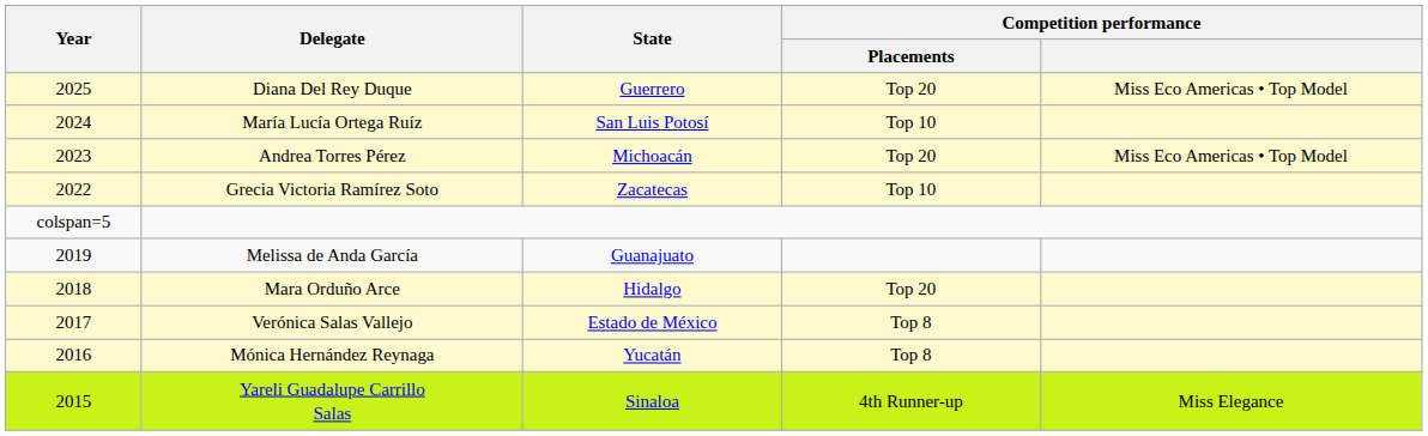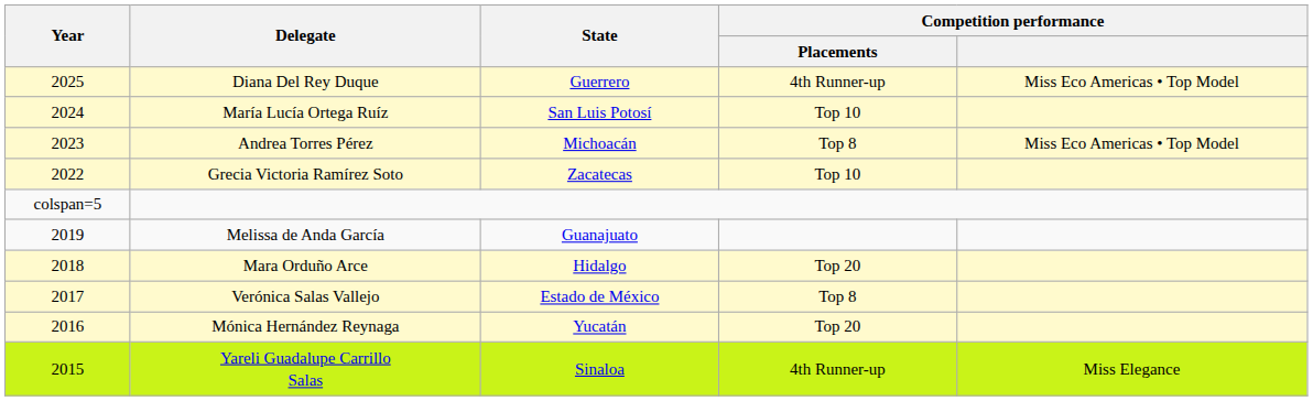 <table class="wikitable" style="text-align:center; line-height:20px; font-size:90%; width:90%;">
 <tr>
 <th rowspan="2"  width=60px>Year</th>
 <th rowspan="2"  width=180px>Delegate</th>
 <th rowspan="2"  width=120px>State</th>
 <th colspan="2"  width=200px>Competition performance</th>
 </tr>
 <tr>
 <th width=120px>Placements</th>
 <th width=180px></th>
 </tr>
 <tr style="background:#FFFACD">
 <td>2025</td>
 <td>Diana Del Rey Duque</td>
 <td><a href='#'>Guerrero</a></td>
-<td>Top 20</td>
+<td>4th Runner-up</td>
 <td>Miss Eco Americas • Top Model</td>
 </tr>
 <tr style="background:#FFFACD">
 <td>2024</td>
 <td>María Lucía Ortega Ruíz</td>
 <td><a href='#'>San Luis Potosí</a></td>
 <td>Top 10</td>
 <td></td>
 </tr>
 <tr style="background:#FFFACD">
 <td>2023</td>
 <td>Andrea Torres Pérez</td>
 <td><a href='#'>Michoacán</a></td>
-<td>Top 20</td>
+<td>Top 8</td>
 <td>Miss Eco Americas • Top Model</td>
 </tr>
 <tr style="background:#FFFACD">
 <td>2022</td>
 <td>Grecia Victoria Ramírez Soto</td>
 <td><a href='#'>Zacatecas</a></td>
 <td>Top 10</td>
 <td></td>
 </tr>
 <tr>
 <td>colspan=5 </td>
 </tr>
 <tr>
 <td>2019</td>
 <td>Melissa de Anda García</td>
 <td><a href='#'>Guanajuato</a></td>
 <td></td>
 <td></td>
 </tr>
 <tr style="background:#FFFACD">
 <td>2018</td>
 <td>Mara Orduño Arce</td>
 <td><a href='#'>Hidalgo</a></td>
 <td>Top 20</td>
 <td></td>
 </tr>
 <tr style="background:#FFFACD">
 <td>2017</td>
 <td>Verónica Salas Vallejo</td>
 <td><a href='#'>Estado de México</a></td>
 <td>Top 8</td>
 <td></td>
 </tr>
 <tr style="background:#FFFACD">
 <td>2016</td>
 <td>Mónica Hernández Reynaga</td>
 <td><a href='#'>Yucatán</a></td>
-<td>Top 8</td>
+<td>Top 20</td>
 <td></td>
 </tr>
 <tr style="background:#c9f318">
 <td>2015</td>
 <td><a href='#'>Yareli Guadalupe Carrillo<br>Salas</a></td>
 <td><a href='#'>Sinaloa</a></td>
 <td>4th Runner-up</td>
 <td>Miss Elegance</td>
 </tr>
 </table>
